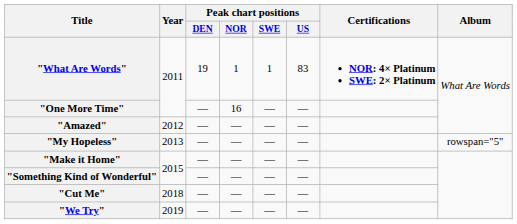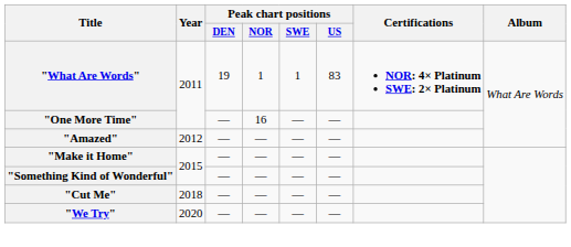 <table class="wikitable plainrowheaders" style="text-align:center;">
 <tr>
 <th scope="col" rowspan="2">Title</th>
 <th scope="col" rowspan="2">Year</th>
 <th scope="col" colspan="4">Peak chart positions</th>
 <th scope="col" rowspan="2">Certifications</th>
 <th scope="col" rowspan="2">Album</th>
 </tr>
 <tr>
 <th scope="col" style="width:3em;font-size:90%;"><a href='#'>DEN</a><br></th>
 <th scope="col" style="width:3em;font-size:90%;"><a href='#'>NOR</a><br></th>
 <th scope="col" style="width:3em;font-size:90%;"><a href='#'>SWE</a><br></th>
 <th scope="col" style="width:3em;font-size:90%;"><a href='#'>US</a><br></th>
 </tr>
 <tr>
 <th scope="row">"<a href='#'>What Are Words</a>"</th>
 <td rowspan="2">2011</td>
 <td>19</td>
 <td>1</td>
 <td>1</td>
 <td>83</td>
 <td><strong><br><ul><li><a href='#'>NOR</a>: 4× Platinum</li><li><a href='#'>SWE</a>: 2× Platinum</li></ul></strong></td>
 <td rowspan="3"><em>What Are Words</em></td>
 </tr>
 <tr>
 <th scope="row">"One More Time"</th>
 <td>—</td>
 <td>16</td>
 <td>—</td>
 <td>—</td>
 <td></td>
 </tr>
 <tr>
 <th scope="row">"Amazed"</th>
 <td>2012</td>
 <td>—</td>
 <td>—</td>
 <td>—</td>
 <td>—</td>
 <td></td>
 </tr>
 <tr>
-<th scope="row">"My Hopeless"</th>
-<td>2013</td>
-<td>—</td>
-<td>—</td>
-<td>—</td>
-<td>—</td>
-<td></td>
-<td>rowspan="5" </td>
-</tr>
-<tr>
 <th scope="row">"Make it Home"</th>
 <td rowspan="2">2015</td>
 <td>—</td>
 <td>—</td>
 <td>—</td>
 <td>—</td>
 <td></td>
 </tr>
 <tr>
 <th scope="row">"Something Kind of Wonderful"</th>
 <td>—</td>
 <td>—</td>
 <td>—</td>
 <td>—</td>
 <td></td>
 </tr>
 <tr>
 <th scope="row">"Cut Me"</th>
 <td>2018</td>
 <td>—</td>
 <td>—</td>
 <td>—</td>
 <td>—</td>
 <td></td>
 </tr>
 <tr>
 <th scope="row">"<a href='#'>We Try</a>"</th>
-<td>2019</td>
+<td>2020</td>
 <td>—</td>
 <td>—</td>
 <td>—</td>
 <td>—</td>
 <td></td>
 </tr>
 </table>
